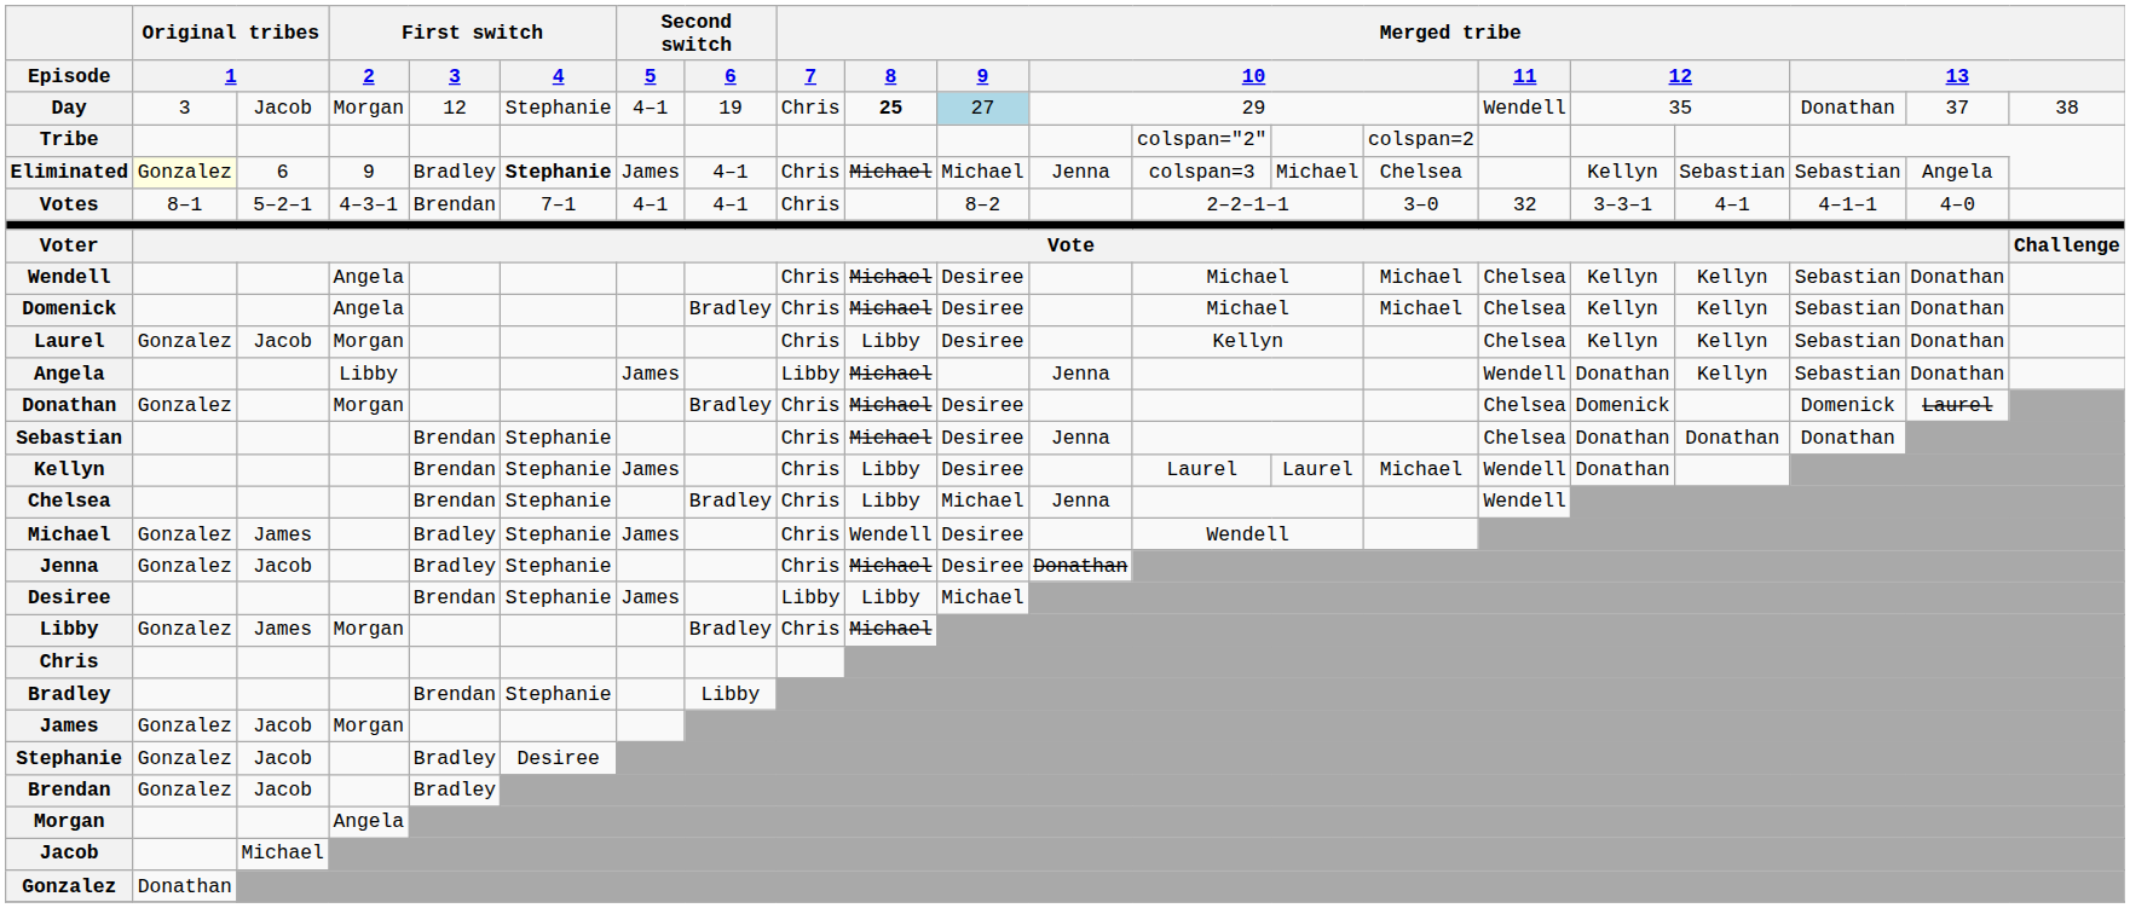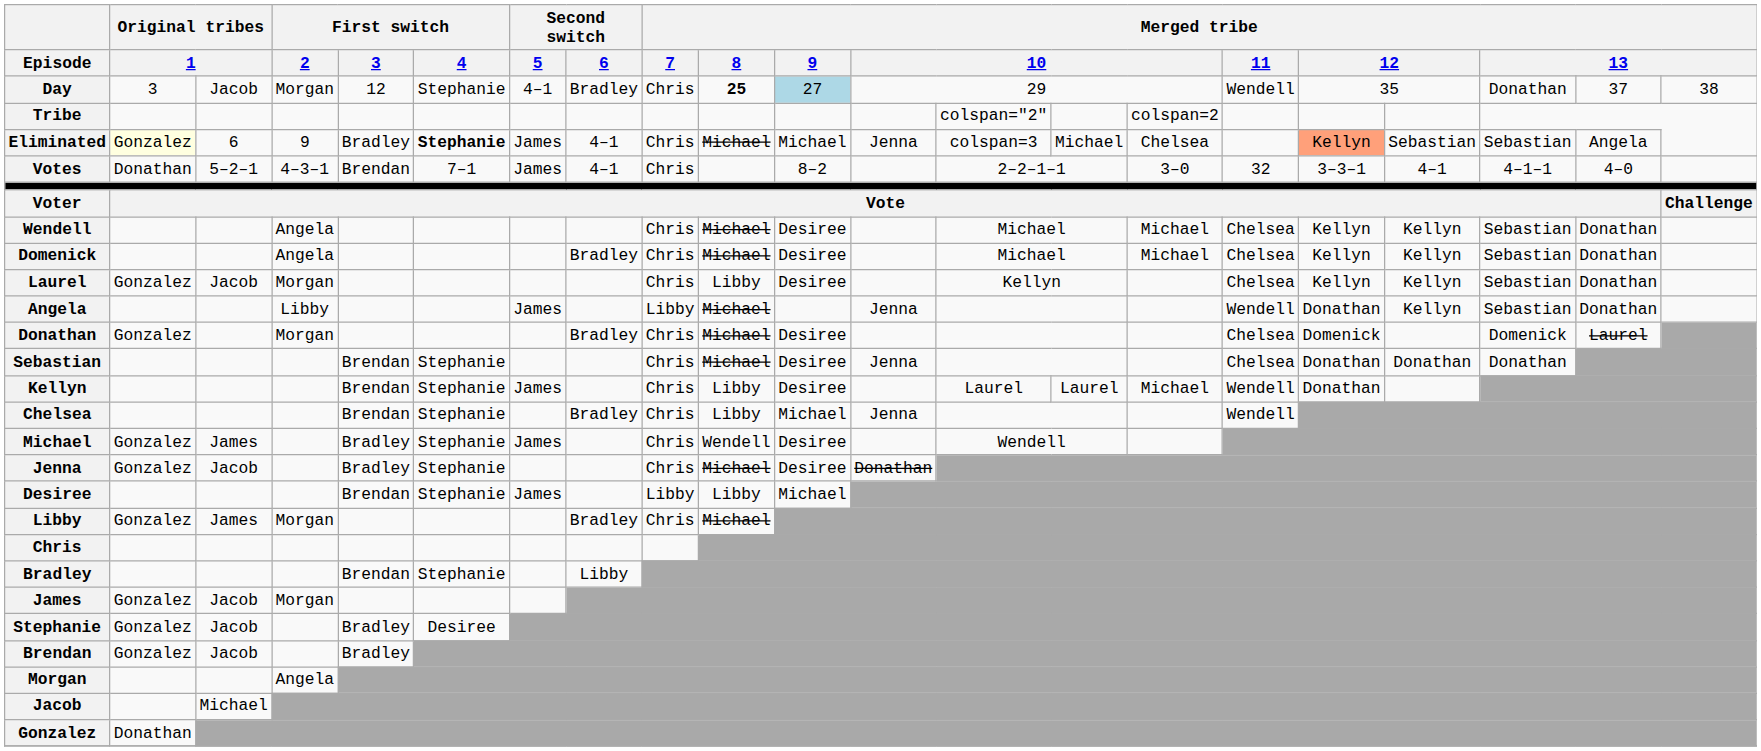 <table class="wikitable" style="text-align:center; font-size:100%">
 <tr>
 <th></th>
 <th colspan="2">Original tribes</th>
 <th colspan="3">First switch</th>
 <th colspan="2">Second switch</th>
 <th colspan="13">Merged tribe</th>
 </tr>
 <tr>
 <th>Episode</th>
 <th colspan="2"><a href='#'>1</a></th>
 <th><a href='#'>2</a></th>
 <th><a href='#'>3</a></th>
 <th><a href='#'>4</a></th>
 <th><a href='#'>5</a></th>
 <th><a href='#'>6</a></th>
 <th><a href='#'>7</a></th>
 <th><a href='#'>8</a></th>
 <th><a href='#'>9</a></th>
 <th colspan="4"><a href='#'>10</a></th>
 <th><a href='#'>11</a></th>
 <th colspan="2"><a href='#'>12</a></th>
 <th colspan="4"><a href='#'>13</a></th>
 </tr>
 <tr>
 <th>Day</th>
 <td>3</td>
 <td>Jacob</td>
 <td>Morgan</td>
 <td>12</td>
 <td>Stephanie</td>
 <td>4–1</td>
-<td>19</td>
+<td>Bradley</td>
 <td>Chris</td>
 <td><strong>25</strong></td>
 <td style="background: lightblue;">27</td>
 <td colspan="4">29</td>
 <td>Wendell</td>
 <td colspan="2">35</td>
 <td>Donathan</td>
 <td>37</td>
 <td>38</td>
 </tr>
 <tr>
 <th>Tribe</th>
 <td></td>
 <td></td>
 <td></td>
 <td></td>
 <td></td>
 <td></td>
 <td></td>
 <td></td>
 <td></td>
 <td></td>
 <td></td>
 <td>colspan="2" </td>
 <td></td>
 <td>colspan=2 </td>
 <td></td>
 <td></td>
 <td></td>
 </tr>
 <tr>
 <th>Eliminated</th>
 <td style="background: lightyellow;">Gonzalez</td>
 <td>6</td>
 <td>9</td>
 <td>Bradley</td>
 <td><strong>Stephanie</strong></td>
 <td>James</td>
 <td>4–1</td>
 <td>Chris</td>
 <td><s>Michael</s></td>
 <td>Michael</td>
 <td>Jenna</td>
 <td>colspan=3 </td>
 <td>Michael</td>
 <td>Chelsea</td>
 <td></td>
-<td>Kellyn</td>
+<td style="background: lightsalmon;">Kellyn</td>
 <td>Sebastian</td>
 <td>Sebastian</td>
 <td>Angela</td>
 </tr>
 <tr>
 <th>Votes</th>
-<td>8–1</td>
+<td>Donathan</td>
 <td>5–2–1</td>
 <td>4–3–1</td>
 <td>Brendan</td>
 <td>7–1</td>
-<td>4–1</td>
+<td>James</td>
 <td>4–1</td>
 <td>Chris</td>
 <td></td>
 <td>8–2</td>
 <td></td>
 <td colspan="2">2–2–1–1</td>
 <td>3–0</td>
 <td>32</td>
 <td>3–3–1</td>
 <td>4–1</td>
 <td>4–1–1</td>
 <td>4–0</td>
 <td></td>
 </tr>
 <tr>
 <th colspan="24" style="background:black;"></th>
 </tr>
 <tr>
 <th>Voter</th>
 <th colspan="19">Vote</th>
 <th>Challenge</th>
 </tr>
 <tr>
 <th>Wendell</th>
 <td></td>
 <td></td>
 <td>Angela</td>
 <td></td>
 <td></td>
 <td></td>
 <td></td>
 <td>Chris</td>
 <td><s>Michael</s></td>
 <td>Desiree</td>
 <td></td>
 <td colspan="2">Michael</td>
 <td>Michael</td>
 <td>Chelsea</td>
 <td>Kellyn</td>
 <td>Kellyn</td>
 <td>Sebastian</td>
 <td>Donathan</td>
 <td></td>
 </tr>
 <tr>
 <th>Domenick</th>
 <td></td>
 <td></td>
 <td>Angela</td>
 <td></td>
 <td></td>
 <td></td>
 <td>Bradley</td>
 <td>Chris</td>
 <td><s>Michael</s></td>
 <td>Desiree</td>
 <td></td>
 <td colspan="2">Michael</td>
 <td>Michael</td>
 <td>Chelsea</td>
 <td>Kellyn</td>
 <td>Kellyn</td>
 <td>Sebastian</td>
 <td>Donathan</td>
 <td></td>
 </tr>
 <tr>
 <th>Laurel</th>
 <td>Gonzalez</td>
 <td>Jacob</td>
 <td>Morgan</td>
 <td></td>
 <td></td>
 <td></td>
 <td></td>
 <td>Chris</td>
 <td>Libby</td>
 <td>Desiree</td>
 <td></td>
 <td colspan="2">Kellyn</td>
 <td></td>
 <td>Chelsea</td>
 <td>Kellyn</td>
 <td>Kellyn</td>
 <td>Sebastian</td>
 <td>Donathan</td>
 <td></td>
 </tr>
 <tr>
 <th>Angela</th>
 <td></td>
 <td></td>
 <td>Libby</td>
 <td></td>
 <td></td>
 <td>James</td>
 <td></td>
 <td>Libby</td>
 <td><s>Michael</s></td>
 <td></td>
 <td>Jenna</td>
 <td colspan="2"></td>
 <td></td>
 <td>Wendell</td>
 <td>Donathan</td>
 <td>Kellyn</td>
 <td>Sebastian</td>
 <td>Donathan</td>
 <td></td>
 </tr>
 <tr>
 <th>Donathan</th>
 <td>Gonzalez</td>
 <td></td>
 <td>Morgan</td>
 <td></td>
 <td></td>
 <td></td>
 <td>Bradley</td>
 <td>Chris</td>
 <td><s>Michael</s></td>
 <td>Desiree</td>
 <td></td>
 <td colspan="2"></td>
 <td></td>
 <td>Chelsea</td>
 <td>Domenick</td>
 <td></td>
 <td>Domenick</td>
 <td><s>Laurel</s></td>
 <td colspan="5" style="background:darkgrey;"></td>
 </tr>
 <tr>
 <th>Sebastian</th>
 <td></td>
 <td></td>
 <td></td>
 <td>Brendan</td>
 <td>Stephanie</td>
 <td></td>
 <td></td>
 <td>Chris</td>
 <td><s>Michael</s></td>
 <td>Desiree</td>
 <td>Jenna</td>
 <td colspan="2"></td>
 <td></td>
 <td>Chelsea</td>
 <td>Donathan</td>
 <td>Donathan</td>
 <td>Donathan</td>
 <td colspan="6" style="background:darkgrey;"></td>
 </tr>
 <tr>
 <th>Kellyn</th>
 <td></td>
 <td></td>
 <td></td>
 <td>Brendan</td>
 <td>Stephanie</td>
 <td>James</td>
 <td></td>
 <td>Chris</td>
 <td>Libby</td>
 <td>Desiree</td>
 <td></td>
 <td>Laurel</td>
 <td>Laurel</td>
 <td>Michael</td>
 <td>Wendell</td>
 <td>Donathan</td>
 <td></td>
 <td colspan="7" style="background:darkgrey;"></td>
 </tr>
 <tr>
 <th>Chelsea</th>
 <td></td>
 <td></td>
 <td></td>
 <td>Brendan</td>
 <td>Stephanie</td>
 <td></td>
 <td>Bradley</td>
 <td>Chris</td>
 <td>Libby</td>
 <td>Michael</td>
 <td>Jenna</td>
 <td colspan="2"></td>
 <td></td>
 <td>Wendell</td>
 <td colspan="8" style="background:darkgrey;"></td>
 </tr>
 <tr>
 <th>Michael</th>
 <td>Gonzalez</td>
 <td>James</td>
 <td></td>
 <td>Bradley</td>
 <td>Stephanie</td>
 <td>James</td>
 <td></td>
 <td>Chris</td>
 <td>Wendell</td>
 <td>Desiree</td>
 <td></td>
 <td colspan="2">Wendell</td>
 <td></td>
 <td colspan="9" style="background:darkgrey;"></td>
 </tr>
 <tr>
 <th>Jenna</th>
 <td>Gonzalez</td>
 <td>Jacob</td>
 <td></td>
 <td>Bradley</td>
 <td>Stephanie</td>
 <td></td>
 <td></td>
 <td>Chris</td>
 <td><s>Michael</s></td>
 <td>Desiree</td>
 <td><s>Donathan</s></td>
 <td colspan="10" style="background:darkgrey;"></td>
 </tr>
 <tr>
 <th>Desiree</th>
 <td></td>
 <td></td>
 <td></td>
 <td>Brendan</td>
 <td>Stephanie</td>
 <td>James</td>
 <td></td>
 <td>Libby</td>
 <td>Libby</td>
 <td>Michael</td>
 <td colspan="11" style="background:darkgrey;"></td>
 </tr>
 <tr>
 <th>Libby</th>
 <td>Gonzalez</td>
 <td>James</td>
 <td>Morgan</td>
 <td></td>
 <td></td>
 <td></td>
 <td>Bradley</td>
 <td>Chris</td>
 <td><s>Michael</s></td>
 <td colspan="12" style="background:darkgrey;"></td>
 </tr>
 <tr>
 <th>Chris</th>
 <td></td>
 <td></td>
 <td></td>
 <td></td>
 <td></td>
 <td></td>
 <td></td>
 <td></td>
 <td colspan="13" style="background:darkgrey;"></td>
 </tr>
 <tr>
 <th>Bradley</th>
 <td></td>
 <td></td>
 <td></td>
 <td>Brendan</td>
 <td>Stephanie</td>
 <td></td>
 <td>Libby</td>
 <td colspan="14" style="background:darkgrey;"></td>
 </tr>
 <tr>
 <th>James</th>
 <td>Gonzalez</td>
 <td>Jacob</td>
 <td>Morgan</td>
 <td></td>
 <td></td>
 <td></td>
 <td colspan="15" style="background:darkgrey;"></td>
 </tr>
 <tr>
 <th>Stephanie</th>
 <td>Gonzalez</td>
 <td>Jacob</td>
 <td></td>
 <td>Bradley</td>
 <td>Desiree</td>
 <td colspan="16" style="background:darkgrey;"></td>
 </tr>
 <tr>
 <th>Brendan</th>
 <td>Gonzalez</td>
 <td>Jacob</td>
 <td></td>
 <td>Bradley</td>
 <td colspan="17" style="background:darkgrey;"></td>
 </tr>
 <tr>
 <th>Morgan</th>
 <td></td>
 <td></td>
 <td>Angela</td>
 <td colspan="18" style="background:darkgrey;"></td>
 </tr>
 <tr>
 <th>Jacob</th>
 <td></td>
 <td>Michael</td>
 <td colspan="19" style="background:darkgrey;"></td>
 </tr>
 <tr>
 <th>Gonzalez</th>
 <td>Donathan</td>
 <td colspan="20" style="background:darkgrey;"></td>
 </tr>
 <tr>
 </tr>
 </table>
